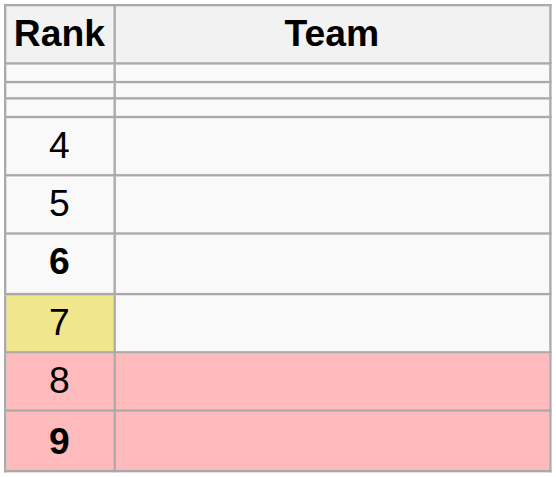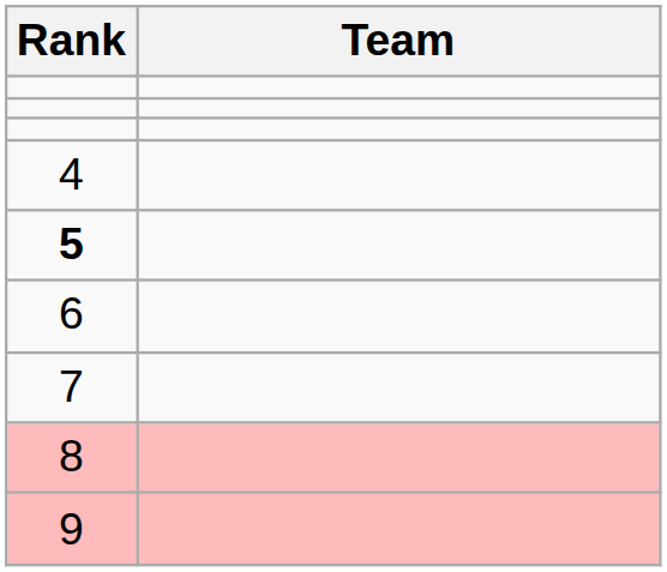 <table class=wikitable style="text-align:center;">
 <tr>
 <th>Rank</th>
 <th width=180>Team</th>
 </tr>
 <tr>
 <td></td>
 <td align=left></td>
 </tr>
 <tr>
 <td></td>
 <td align=left></td>
 </tr>
 <tr>
 <td></td>
 <td align=left></td>
 </tr>
 <tr>
 <td>4</td>
 <td align=left></td>
 </tr>
 <tr>
-<td>5</td>
+<td><strong>5</strong></td>
 <td align=left></td>
 </tr>
 <tr>
-<td><strong>6</strong></td>
+<td>6</td>
 <td align=left></td>
 </tr>
 <tr>
-<td style="background: khaki;">7</td>
+<td>7</td>
 <td align=left></td>
 </tr>
 <tr style="background: #FFBBBB;">
 <td>8</td>
 <td align=left></td>
 </tr>
 <tr style="background: #FFBBBB;">
-<td><strong>9</strong></td>
+<td>9</td>
 <td align=left></td>
 </tr>
 </table>
